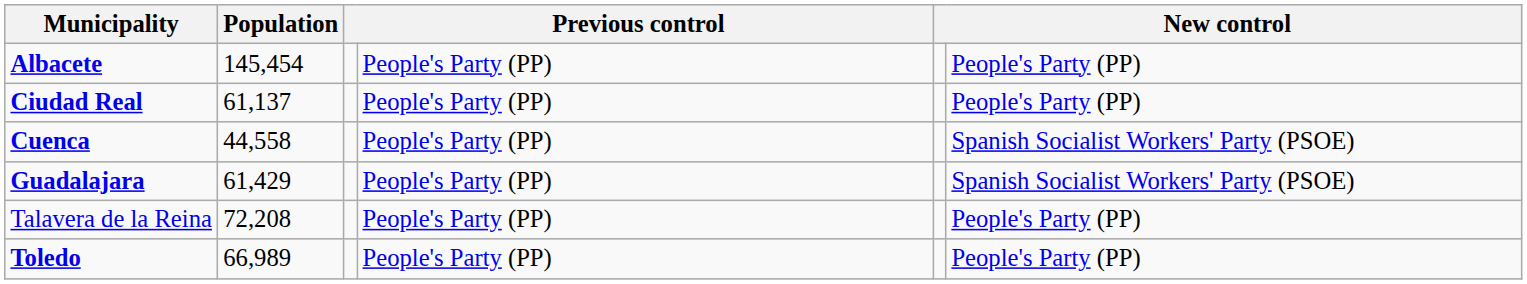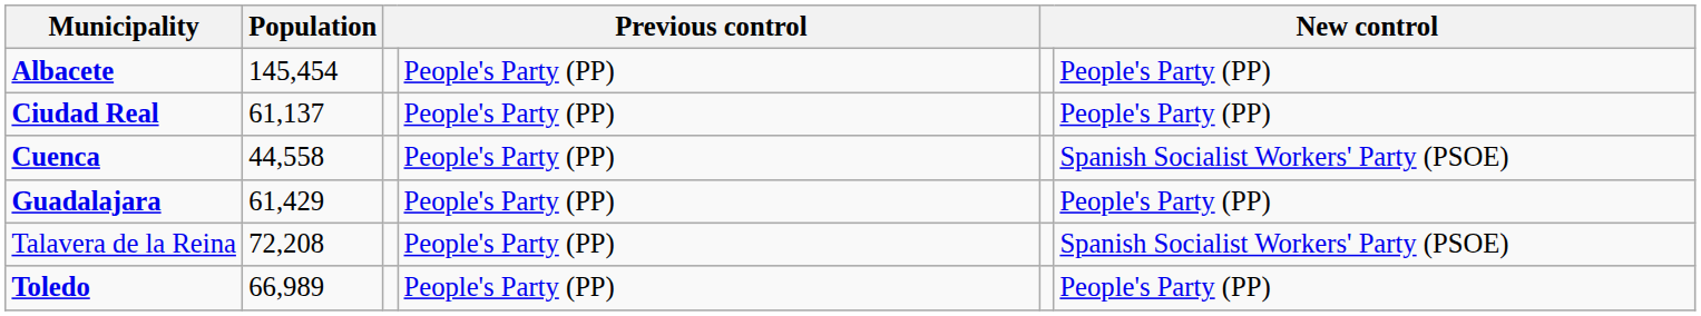 <table class="wikitable sortable">
 <tr>
 <th>Municipality</th>
 <th>Population</th>
 <th colspan="2" style="width:375px;">Previous control</th>
 <th colspan="2" style="width:375px;">New control</th>
 </tr>
 <tr>
 <td><strong><a href='#'>Albacete</a></strong></td>
 <td>145,454</td>
 <td width="1" style="color:inherit;background:"></td>
 <td><a href='#'>People's Party</a> (PP)</td>
 <td width="1" style="color:inherit;background:"></td>
 <td><a href='#'>People's Party</a> (PP)</td>
 </tr>
 <tr>
 <td><strong><a href='#'>Ciudad Real</a></strong></td>
 <td>61,137</td>
 <td style="color:inherit;background:"></td>
 <td><a href='#'>People's Party</a> (PP)</td>
 <td style="color:inherit;background:"></td>
 <td><a href='#'>People's Party</a> (PP)</td>
 </tr>
 <tr>
 <td><strong><a href='#'>Cuenca</a></strong></td>
 <td>44,558</td>
 <td style="color:inherit;background:"></td>
 <td><a href='#'>People's Party</a> (PP)</td>
 <td style="color:inherit;background:"></td>
 <td><a href='#'>Spanish Socialist Workers' Party</a> (PSOE)</td>
 </tr>
 <tr>
 <td><strong><a href='#'>Guadalajara</a></strong></td>
 <td>61,429</td>
 <td style="color:inherit;background:"></td>
 <td><a href='#'>People's Party</a> (PP)</td>
 <td style="color:inherit;background:"></td>
-<td><a href='#'>Spanish Socialist Workers' Party</a> (PSOE)</td>
+<td><a href='#'>People's Party</a> (PP)</td>
 </tr>
 <tr>
 <td><a href='#'>Talavera de la Reina</a></td>
 <td>72,208</td>
 <td style="color:inherit;background:"></td>
 <td><a href='#'>People's Party</a> (PP)</td>
 <td style="color:inherit;background:"></td>
-<td><a href='#'>People's Party</a> (PP)</td>
+<td><a href='#'>Spanish Socialist Workers' Party</a> (PSOE)</td>
 </tr>
 <tr>
 <td><strong><a href='#'>Toledo</a></strong></td>
 <td>66,989</td>
 <td style="color:inherit;background:"></td>
 <td><a href='#'>People's Party</a> (PP)</td>
 <td style="color:inherit;background:"></td>
 <td><a href='#'>People's Party</a> (PP)</td>
 </tr>
 </table>
